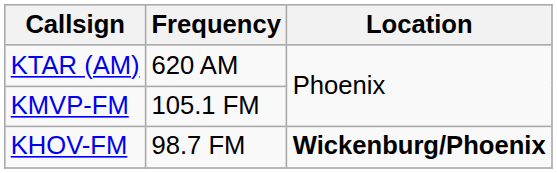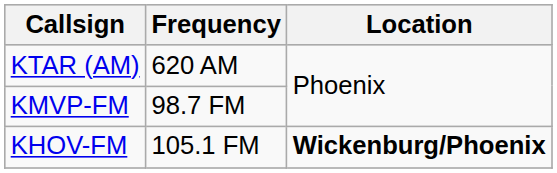 <table class="wikitable">
 <tr>
 <th>Callsign</th>
 <th>Frequency</th>
 <th>Location</th>
 </tr>
 <tr>
 <td><a href='#'>KTAR (AM)</a></td>
 <td>620 AM</td>
 <td rowspan=2>Phoenix</td>
 </tr>
 <tr>
 <td><a href='#'>KMVP-FM</a></td>
-<td>105.1 FM</td>
+<td>98.7 FM</td>
 </tr>
 <tr>
 <td><a href='#'>KHOV-FM</a></td>
-<td>98.7 FM</td>
+<td>105.1 FM</td>
 <td><strong>Wickenburg/Phoenix</strong></td>
 </tr>
 </table>
